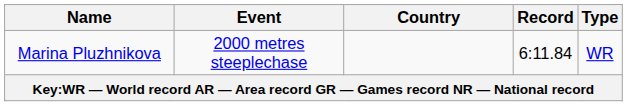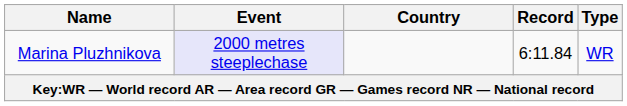 <table class="wikitable" style="text-align: center; font-size:95%">
 <tr>
 <th width="150">Name</th>
 <th width="150">Event</th>
 <th width="150">Country</th>
 <th width="50">Record</th>
 <th width="25">Type</th>
 </tr>
 <tr>
 <td><a href='#'>Marina Pluzhnikova</a></td>
-<td><a href='#'>2000 metres steeplechase</a></td>
+<td style="background: lavender;"><a href='#'>2000 metres steeplechase</a></td>
 <td></td>
 <td>6:11.84</td>
 <td><a href='#'>WR</a></td>
 </tr>
 <tr>
 <th colspan=5><small>Key:WR — World record  AR — Area record  GR — Games record  NR — National record</small></th>
 </tr>
 </table>
